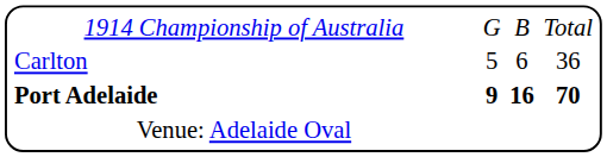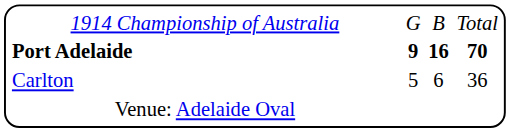 <table style="margin-right:4px; margin-left:4px; margin-top:8px; float:right; border:1px #000 solid; border-radius:8px; background:#fff; font-family:Verdana; font-size:8pt; text-align:center;">
 <tr>
 <td width=200><em><a href='#'>1914 Championship of Australia</a></em></td>
 <td><em>G</em></td>
 <td><em>B</em></td>
 <td><em>Total</em></td>
 </tr>
 <tr>
+<td style="text-align:left"><strong>Port Adelaide</strong></td>
+<td><strong>9</strong></td>
+<td><strong>16</strong></td>
+<td><strong>70</strong></td>
+</tr>
+<tr>
 <td style="text-align:left"><a href='#'>Carlton</a></td>
 <td>5</td>
 <td>6</td>
 <td>36</td>
 </tr>
 <tr>
-<td style="text-align:left"><strong>Port Adelaide</strong></td>
-<td><strong>9</strong></td>
-<td><strong>16</strong></td>
-<td><strong>70</strong></td>
-</tr>
-<tr>
 <td>Venue: <a href='#'>Adelaide Oval</a></td>
 <td colspan=3></td>
 </tr>
 </table>
